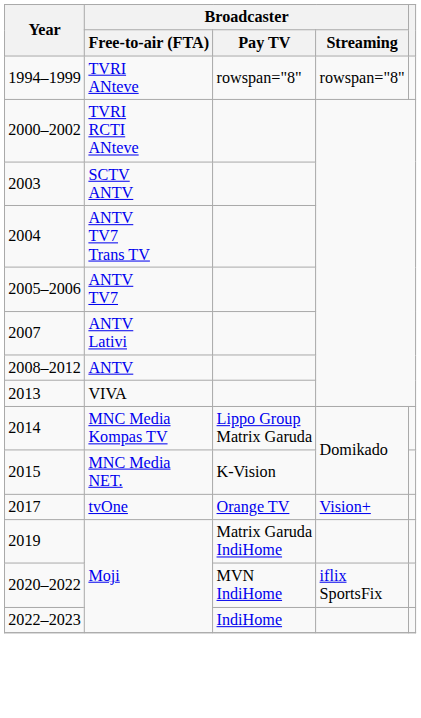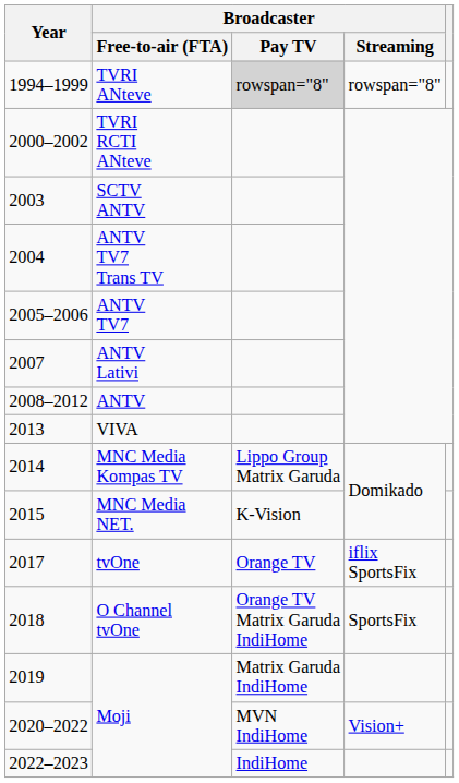 <table class="wikitable">
 <tr>
 <th rowspan="2">Year</th>
 <th colspan="3">Broadcaster</th>
 <th rowspan="2"></th>
 </tr>
 <tr>
 <th>Free-to-air (FTA)</th>
 <th>Pay TV</th>
 <th>Streaming</th>
 </tr>
 <tr>
 <td>1994–1999</td>
 <td> <a href='#'>TVRI</a><br> <a href='#'>ANteve</a></td>
-<td>rowspan="8" </td>
+<td style="background: lightgrey;">rowspan="8" </td>
 <td>rowspan="8" </td>
 <td></td>
 </tr>
 <tr>
 <td>2000–2002</td>
 <td> <a href='#'>TVRI</a><br> <a href='#'>RCTI</a><br> <a href='#'>ANteve</a></td>
 <td></td>
 </tr>
 <tr>
 <td>2003</td>
 <td> <a href='#'>SCTV</a><br> <a href='#'>ANTV</a></td>
 <td></td>
 </tr>
 <tr>
 <td>2004</td>
 <td> <a href='#'>ANTV</a><br> <a href='#'>TV7</a><br> <a href='#'>Trans TV</a></td>
 <td></td>
 </tr>
 <tr>
 <td>2005–2006</td>
 <td> <a href='#'>ANTV</a><br> <a href='#'>TV7</a></td>
 <td></td>
 </tr>
 <tr>
 <td>2007</td>
 <td> <a href='#'>ANTV</a><br> <a href='#'>Lativi</a></td>
 <td></td>
 </tr>
 <tr>
 <td>2008–2012</td>
 <td> <a href='#'>ANTV</a></td>
 <td></td>
 </tr>
 <tr>
 <td>2013</td>
 <td> VIVA</td>
 <td></td>
 </tr>
 <tr>
 <td>2014</td>
 <td> <a href='#'>MNC Media</a><br> <a href='#'>Kompas TV</a></td>
 <td> <a href='#'>Lippo Group</a><br> Matrix Garuda</td>
 <td rowspan="2"> Domikado</td>
 <td></td>
 </tr>
 <tr>
 <td>2015</td>
 <td> <a href='#'>MNC Media</a><br> <a href='#'>NET.</a></td>
 <td> K-Vision</td>
 <td></td>
 </tr>
 <tr>
 <td>2017</td>
 <td> <a href='#'>tvOne</a></td>
 <td> <a href='#'>Orange TV</a></td>
-<td> <a href='#'>Vision+</a></td>
+<td> <a href='#'>iflix</a><br> SportsFix</td>
+<td></td>
+</tr>
+<tr>
+<td>2018</td>
+<td> <a href='#'>O Channel</a><br> <a href='#'>tvOne</a></td>
+<td> <a href='#'>Orange TV</a><br> Matrix Garuda<br> <a href='#'>IndiHome</a></td>
+<td> SportsFix</td>
 <td></td>
 </tr>
 <tr>
 <td>2019</td>
 <td rowspan="3"> <a href='#'>Moji</a></td>
 <td> Matrix Garuda<br> <a href='#'>IndiHome</a></td>
 <td></td>
 <td></td>
 </tr>
 <tr>
 <td>2020–2022</td>
 <td> MVN<br> <a href='#'>IndiHome</a></td>
-<td> <a href='#'>iflix</a><br> SportsFix</td>
+<td> <a href='#'>Vision+</a></td>
 <td></td>
 </tr>
 <tr>
 <td>2022–2023</td>
 <td> <a href='#'>IndiHome</a></td>
 <td></td>
 <td></td>
 </tr>
 <tr>
 </tr>
 </table>
